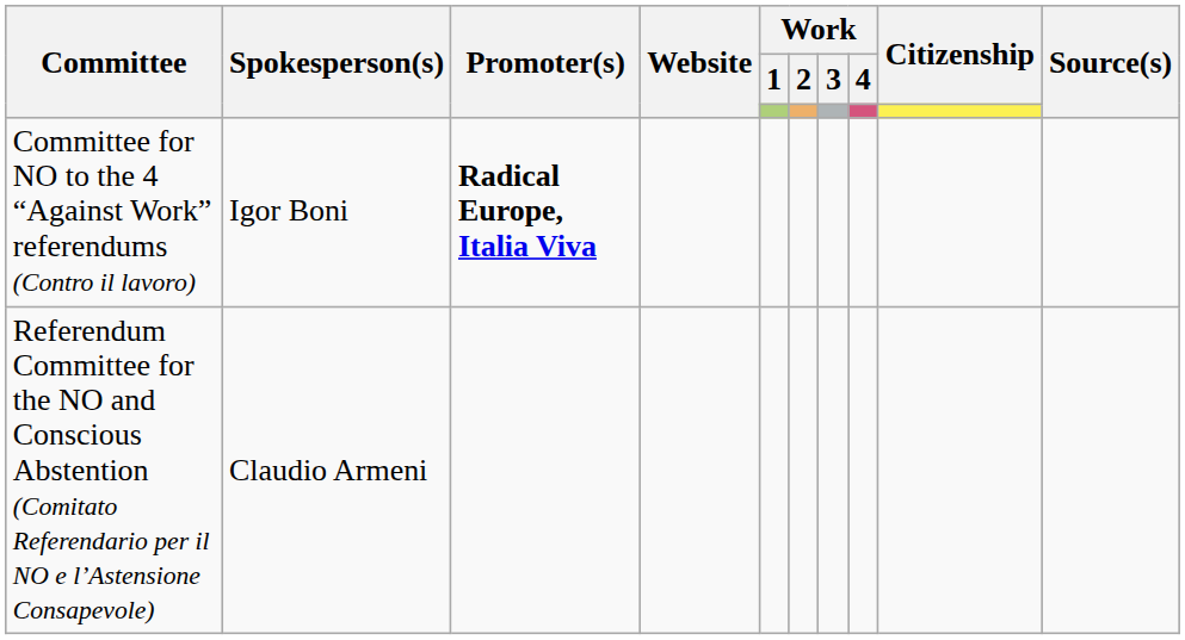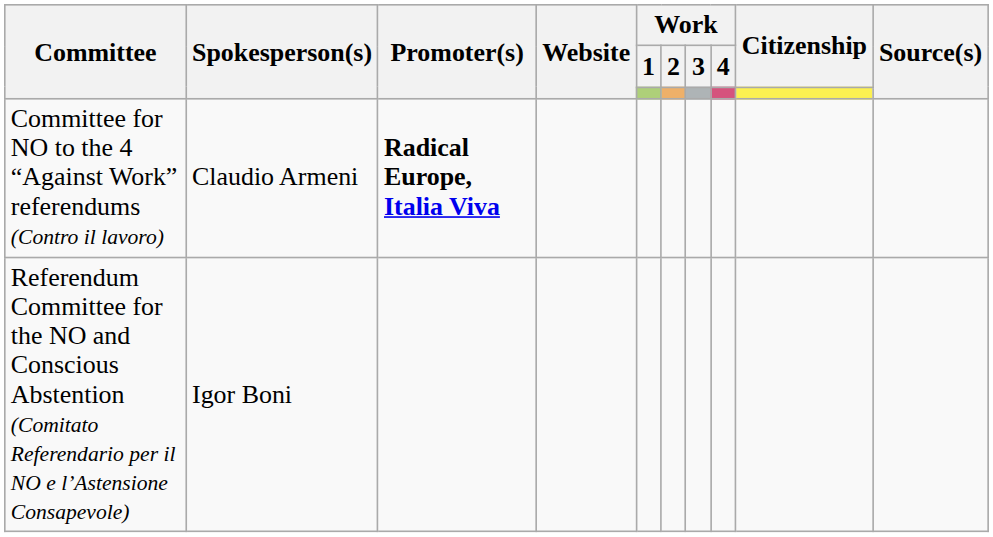 <table class="wikitable sortable">
 <tr>
 <th rowspan="3">Committee</th>
 <th rowspan="3">Spokesperson(s)</th>
 <th rowspan="3">Promoter(s)</th>
 <th rowspan="3">Website</th>
 <th colspan="4">Work</th>
 <th rowspan="2">Citizenship</th>
 <th rowspan="3">Source(s)</th>
 </tr>
 <tr>
 <th>1</th>
 <th>2</th>
 <th>3</th>
 <th>4</th>
 </tr>
 <tr>
 <th style="background:#AED079;"></th>
 <th style="background:#EEB069;"></th>
 <th style="background:#AEB4B6;"></th>
 <th style="background:#D5537D;"></th>
 <th style="background:#FCF151;"></th>
 </tr>
 <tr>
 <td>Committee for NO to the 4 “Against Work” referendums<br><em><small>(Contro il lavoro)</small></em></td>
-<td>Igor Boni</td>
+<td>Claudio Armeni</td>
 <td><strong>Radical Europe, <a href='#'>Italia Viva</a></strong></td>
 <td></td>
 <td></td>
 <td></td>
 <td></td>
 <td></td>
 <td></td>
 <td></td>
 </tr>
 <tr>
 <td>Referendum Committee for the NO and Conscious Abstention<br><em><small>(Comitato Referendario per il NO e l’Astensione Consapevole)</small></em></td>
-<td>Claudio Armeni</td>
+<td>Igor Boni</td>
 <td></td>
 <td></td>
 <td></td>
 <td></td>
 <td></td>
 <td></td>
 <td></td>
 <td></td>
 </tr>
 </table>
